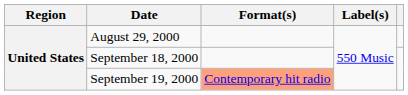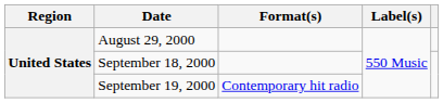 <table class="wikitable plainrowheaders">
 <tr>
 <th scope="col">Region</th>
 <th scope="col">Date</th>
 <th scope="col">Format(s)</th>
 <th scope="col">Label(s)</th>
 <th scope="col"></th>
 </tr>
 <tr>
 <th scope="row" rowspan="3">United States</th>
 <td>August 29, 2000</td>
 <td></td>
 <td rowspan="3"><a href='#'>550 Music</a></td>
 <td align="center"></td>
 </tr>
 <tr>
 <td>September 18, 2000</td>
 <td></td>
 <td align="center" rowspan="2"></td>
 </tr>
 <tr>
 <td>September 19, 2000</td>
-<td style="background: lightsalmon;"><a href='#'>Contemporary hit radio</a></td>
+<td><a href='#'>Contemporary hit radio</a></td>
 </tr>
 </table>
